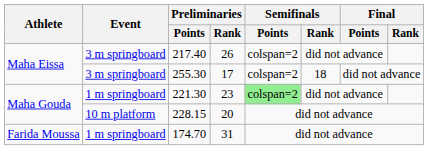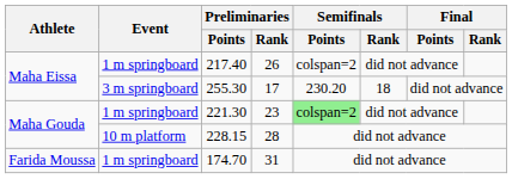 <table class="wikitable" style="font-size:90%">
 <tr>
 <th rowspan="2">Athlete</th>
 <th rowspan="2">Event</th>
 <th colspan="2">Preliminaries</th>
 <th colspan="2">Semifinals</th>
 <th colspan="2">Final</th>
 </tr>
 <tr style="font-size:95%">
 <th>Points</th>
 <th>Rank</th>
 <th>Points</th>
 <th>Rank</th>
 <th>Points</th>
 <th>Rank</th>
 </tr>
 <tr align="center">
 <td align="left" rowspan=2><a href='#'>Maha Eissa</a></td>
-<td align="left"><a href='#'>3 m springboard</a></td>
+<td align="left"><a href='#'>1 m springboard</a></td>
 <td>217.40</td>
 <td>26</td>
 <td>colspan=2 </td>
 <td colspan=2>did not advance</td>
 </tr>
 <tr align="center">
 <td align="left"><a href='#'>3 m springboard</a></td>
 <td>255.30</td>
 <td>17</td>
-<td>colspan=2 </td>
+<td>230.20</td>
 <td>18</td>
 <td colspan="2">did not advance</td>
 </tr>
 <tr align="center">
 <td align="left" rowspan=2><a href='#'>Maha Gouda</a></td>
 <td align="left"><a href='#'>1 m springboard</a></td>
 <td>221.30</td>
 <td>23</td>
 <td style="background: lightgreen;">colspan=2 </td>
 <td colspan=2>did not advance</td>
 </tr>
 <tr align="center">
 <td align="left"><a href='#'>10 m platform</a></td>
 <td>228.15</td>
-<td>20</td>
+<td>28</td>
 <td colspan=4>did not advance</td>
 </tr>
 <tr align="center">
 <td align="left"><a href='#'>Farida Moussa</a></td>
 <td align="left"><a href='#'>1 m springboard</a></td>
 <td>174.70</td>
 <td>31</td>
 <td colspan=4>did not advance</td>
 </tr>
 </table>
